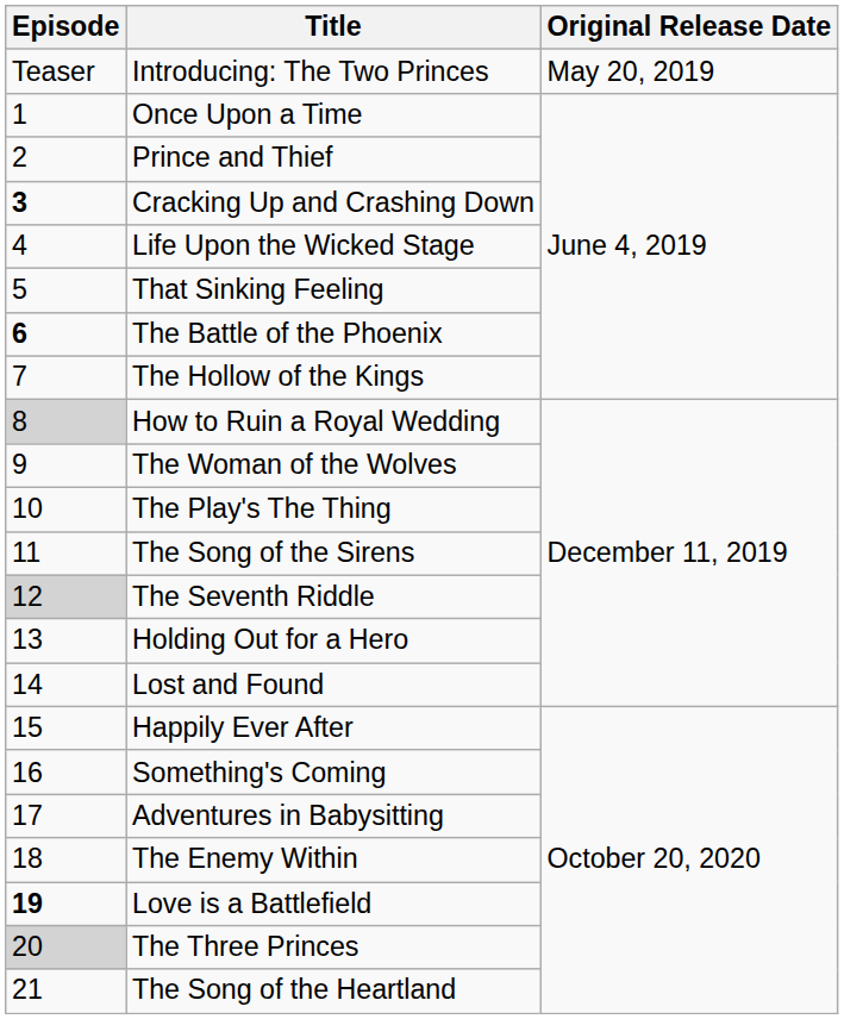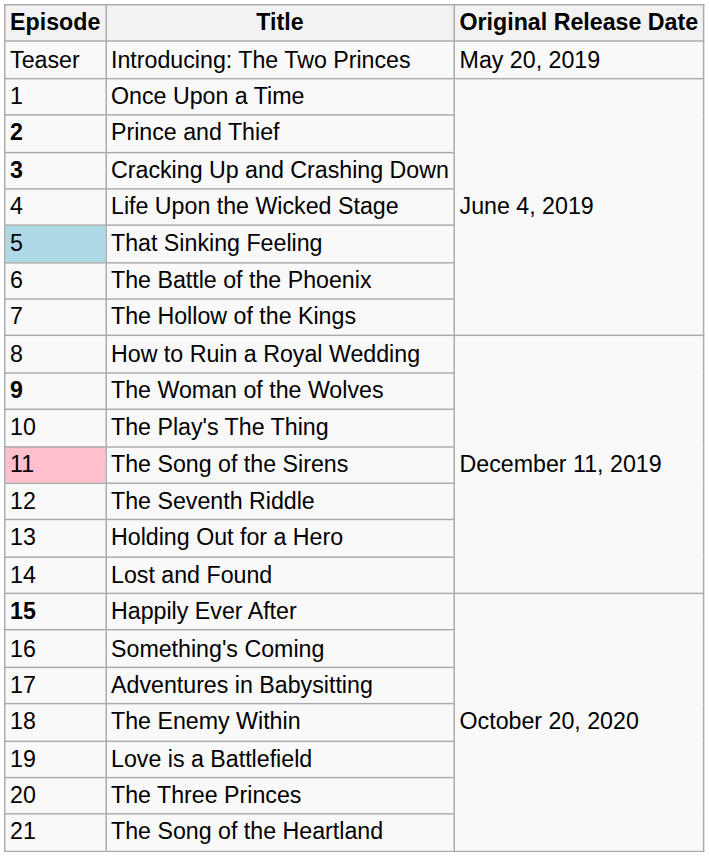 <table class="wikitable">
 <tr>
 <th>Episode</th>
 <th>Title</th>
 <th>Original Release Date</th>
 </tr>
 <tr>
 <td>Teaser</td>
 <td>Introducing: The Two Princes</td>
 <td>May 20, 2019</td>
 </tr>
 <tr>
 <td>1</td>
 <td>Once Upon a Time</td>
 <td rowspan=7>June 4, 2019</td>
 </tr>
 <tr>
-<td>2</td>
+<td><strong>2</strong></td>
 <td>Prince and Thief</td>
 </tr>
 <tr>
 <td><strong>3</strong></td>
 <td>Cracking Up and Crashing Down</td>
 </tr>
 <tr>
 <td>4</td>
 <td>Life Upon the Wicked Stage</td>
 </tr>
 <tr>
-<td>5</td>
+<td style="background: lightblue;">5</td>
 <td>That Sinking Feeling</td>
 </tr>
 <tr>
-<td><strong>6</strong></td>
+<td>6</td>
 <td>The Battle of the Phoenix</td>
 </tr>
 <tr>
 <td>7</td>
 <td>The Hollow of the Kings</td>
 </tr>
 <tr>
-<td style="background: lightgrey;">8</td>
+<td>8</td>
 <td>How to Ruin a Royal Wedding</td>
 <td rowspan=7>December 11, 2019</td>
 </tr>
 <tr>
-<td>9</td>
+<td><strong>9</strong></td>
 <td>The Woman of the Wolves</td>
 </tr>
 <tr>
 <td>10</td>
 <td>The Play's The Thing</td>
 </tr>
 <tr>
-<td>11</td>
+<td style="background: pink;">11</td>
 <td>The Song of the Sirens</td>
 </tr>
 <tr>
-<td style="background: lightgrey;">12</td>
+<td>12</td>
 <td>The Seventh Riddle</td>
 </tr>
 <tr>
 <td>13</td>
 <td>Holding Out for a Hero</td>
 </tr>
 <tr>
 <td>14</td>
 <td>Lost and Found</td>
 </tr>
 <tr>
-<td>15</td>
+<td><strong>15</strong></td>
 <td>Happily Ever After</td>
 <td rowspan="7">October 20, 2020</td>
 </tr>
 <tr>
 <td>16</td>
 <td>Something's Coming</td>
 </tr>
 <tr>
 <td>17</td>
 <td>Adventures in Babysitting</td>
 </tr>
 <tr>
 <td>18</td>
 <td>The Enemy Within</td>
 </tr>
 <tr>
-<td><strong>19</strong></td>
+<td>19</td>
 <td>Love is a Battlefield</td>
 </tr>
 <tr>
-<td style="background: lightgrey;">20</td>
+<td>20</td>
 <td>The Three Princes</td>
 </tr>
 <tr>
 <td>21</td>
 <td>The Song of the Heartland</td>
 </tr>
 </table>
